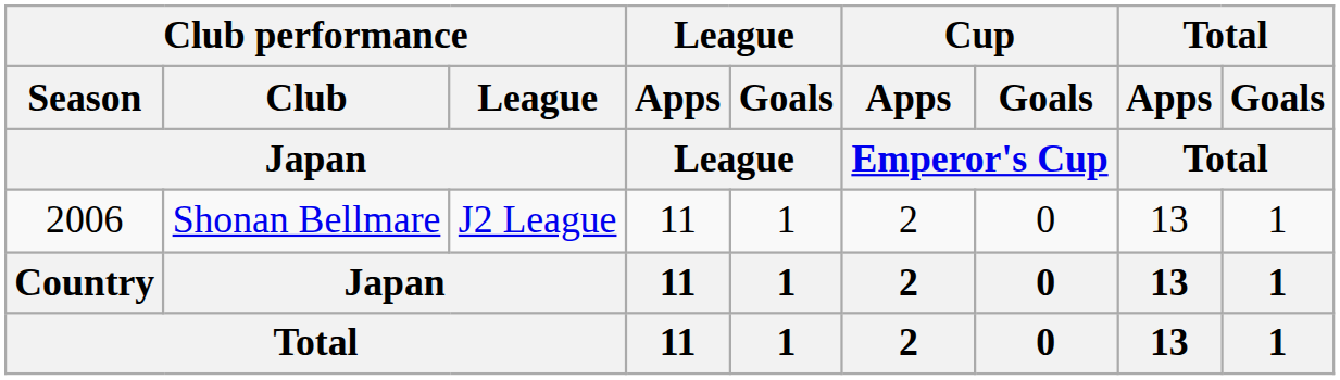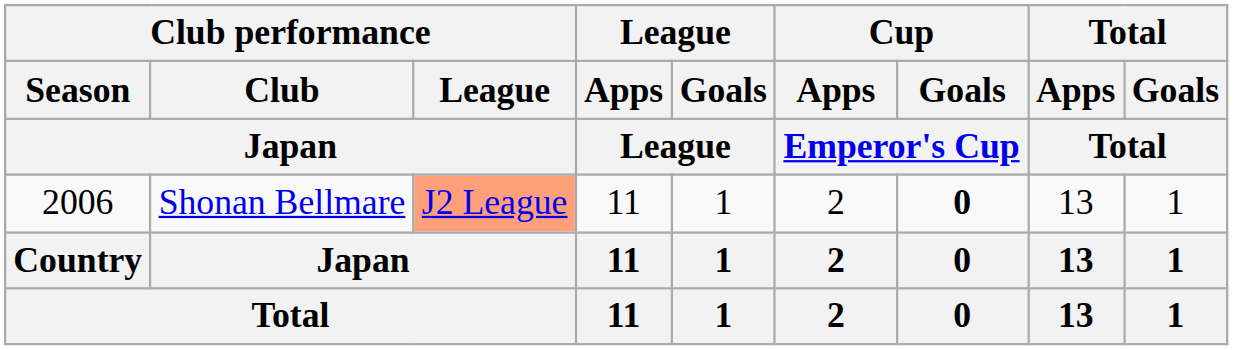 <table class="wikitable" style="text-align:center;">
 <tr>
 <th colspan=3>Club performance</th>
 <th colspan=2>League</th>
 <th colspan=2>Cup</th>
 <th colspan=2>Total</th>
 </tr>
 <tr>
 <th>Season</th>
 <th>Club</th>
 <th>League</th>
 <th>Apps</th>
 <th>Goals</th>
 <th>Apps</th>
 <th>Goals</th>
 <th>Apps</th>
 <th>Goals</th>
 </tr>
 <tr>
 <th colspan=3>Japan</th>
 <th colspan=2>League</th>
 <th colspan=2><a href='#'>Emperor's Cup</a></th>
 <th colspan=2>Total</th>
 </tr>
 <tr>
 <td>2006</td>
 <td><a href='#'>Shonan Bellmare</a></td>
-<td><a href='#'>J2 League</a></td>
+<td style="background: lightsalmon;"><a href='#'>J2 League</a></td>
 <td>11</td>
 <td>1</td>
 <td>2</td>
-<td>0</td>
+<td><strong>0</strong></td>
 <td>13</td>
 <td>1</td>
 </tr>
 <tr>
 <th rowspan=1>Country</th>
 <th colspan=2>Japan</th>
 <th>11</th>
 <th>1</th>
 <th>2</th>
 <th>0</th>
 <th>13</th>
 <th>1</th>
 </tr>
 <tr>
 <th colspan=3>Total</th>
 <th>11</th>
 <th>1</th>
 <th>2</th>
 <th>0</th>
 <th>13</th>
 <th>1</th>
 </tr>
 </table>
